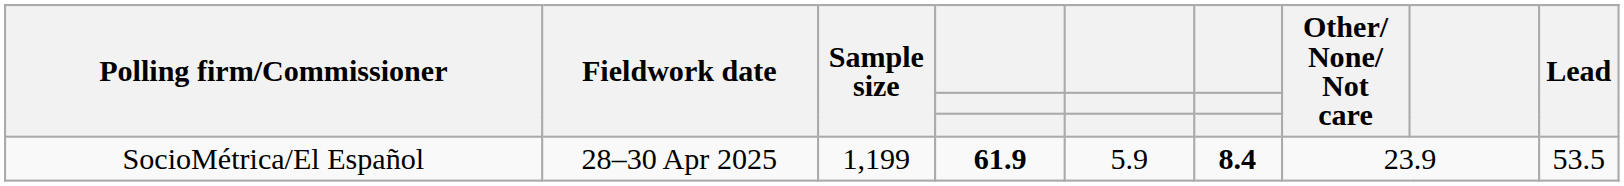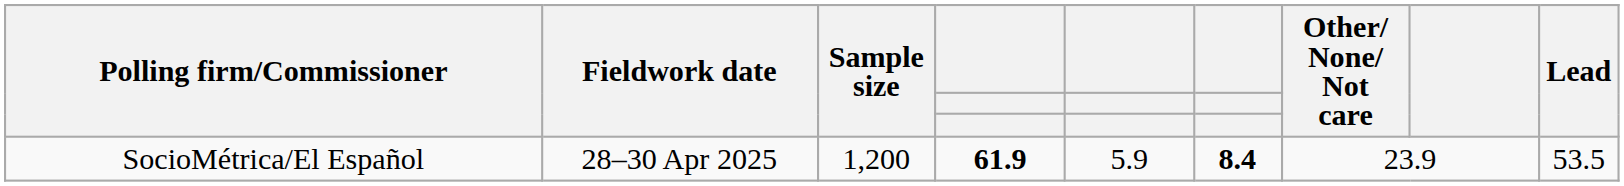 <table class="wikitable collapsible collapsed" style="text-align:center; font-size:90%; line-height:14px;">
 <tr style="height:42px;">
 <th style="width:250px;" rowspan="3">Polling firm/Commissioner</th>
 <th style="width:125px;" rowspan="3">Fieldwork date</th>
 <th style="width:50px;" rowspan="3">Sample size</th>
 <th style="width:55px;"></th>
 <th style="width:55px;"></th>
 <th style="width:35px;"></th>
 <th style="width:55px;" rowspan="3">Other/<br>None/<br>Not<br>care</th>
 <th style="width:55px;" rowspan="3"></th>
 <th style="width:30px;" rowspan="3">Lead</th>
 </tr>
 <tr>
 <th style="color:inherit;background:"></th>
 <th style="color:inherit;background:"></th>
 <th style="color:inherit;background:"></th>
 </tr>
 <tr>
 <th></th>
 <th></th>
 <th></th>
 </tr>
 <tr>
 <td>SocioMétrica/El Español</td>
 <td>28–30 Apr 2025</td>
-<td>1,199</td>
+<td>1,200</td>
 <td><strong>61.9</strong></td>
 <td>5.9</td>
 <td><strong>8.4</strong></td>
 <td colspan="2">23.9</td>
 <td style="background:">53.5</td>
 </tr>
 </table>
